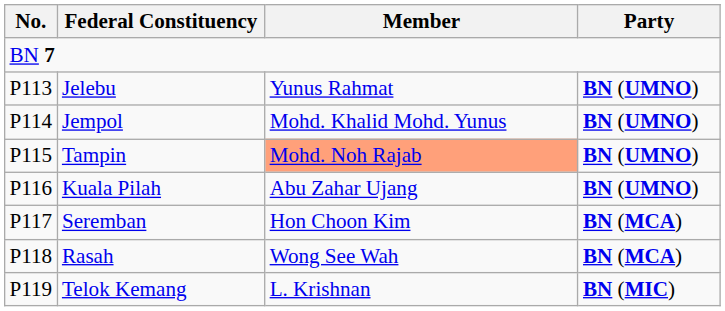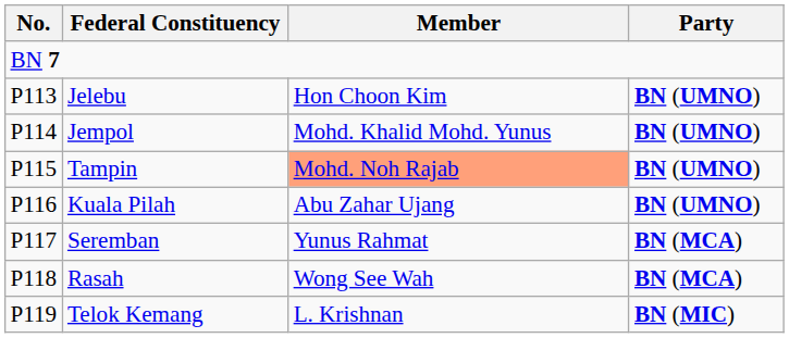 <table class="wikitable sortable">
 <tr>
 <th style="width:30px;">No.</th>
 <th style="width:150px;">Federal Constituency</th>
 <th style="width:230px;">Member</th>
 <th style="width:100px;">Party</th>
 </tr>
 <tr>
 <td colspan="4"><a href='#'>BN</a> <strong>7</strong></td>
 </tr>
 <tr>
 <td>P113</td>
 <td><a href='#'>Jelebu</a></td>
-<td><a href='#'>Yunus Rahmat</a></td>
+<td><a href='#'>Hon Choon Kim</a></td>
 <td><strong><a href='#'>BN</a></strong> (<strong><a href='#'>UMNO</a></strong>)</td>
 </tr>
 <tr>
 <td>P114</td>
 <td><a href='#'>Jempol</a></td>
 <td><a href='#'>Mohd. Khalid Mohd. Yunus</a></td>
 <td><strong><a href='#'>BN</a></strong> (<strong><a href='#'>UMNO</a></strong>)</td>
 </tr>
 <tr>
 <td>P115</td>
 <td><a href='#'>Tampin</a></td>
 <td style="background: lightsalmon;"><a href='#'>Mohd. Noh Rajab</a></td>
 <td><strong><a href='#'>BN</a></strong> (<strong><a href='#'>UMNO</a></strong>)</td>
 </tr>
 <tr>
 <td>P116</td>
 <td><a href='#'>Kuala Pilah</a></td>
 <td><a href='#'>Abu Zahar Ujang</a></td>
 <td><strong><a href='#'>BN</a></strong> (<strong><a href='#'>UMNO</a></strong>)</td>
 </tr>
 <tr>
 <td>P117</td>
 <td><a href='#'>Seremban</a></td>
-<td><a href='#'>Hon Choon Kim</a></td>
+<td><a href='#'>Yunus Rahmat</a></td>
 <td><strong><a href='#'>BN</a></strong> (<strong><a href='#'>MCA</a></strong>)</td>
 </tr>
 <tr>
 <td>P118</td>
 <td><a href='#'>Rasah</a></td>
 <td><a href='#'>Wong See Wah</a></td>
 <td><strong><a href='#'>BN</a></strong> (<strong><a href='#'>MCA</a></strong>)</td>
 </tr>
 <tr>
 <td>P119</td>
 <td><a href='#'>Telok Kemang</a></td>
 <td><a href='#'>L. Krishnan</a></td>
 <td><strong><a href='#'>BN</a></strong> (<strong><a href='#'>MIC</a></strong>)</td>
 </tr>
 </table>
